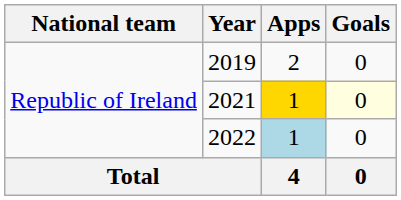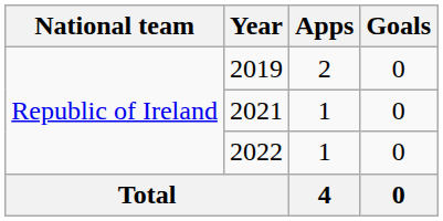 <table class="sortable wikitable" style="text-align:center">
 <tr>
 <th scope="col">National team</th>
 <th scope="col">Year</th>
 <th !scope="col">Apps</th>
 <th !scope="col">Goals</th>
 </tr>
 <tr>
 <td rowspan="3"><a href='#'>Republic of Ireland</a></td>
 <td scope="row">2019</td>
 <td>2</td>
 <td>0</td>
 </tr>
 <tr>
 <td scope="row">2021</td>
-<td style="background: gold;">1</td>
-<td style="background: lightyellow;">0</td>
+<td>1</td>
+<td>0</td>
 </tr>
 <tr>
 <td scope="row">2022</td>
-<td style="background: lightblue;">1</td>
+<td>1</td>
 <td>0</td>
 </tr>
 <tr>
 <th colspan="2">Total</th>
 <th>4</th>
 <th>0</th>
 </tr>
 </table>
